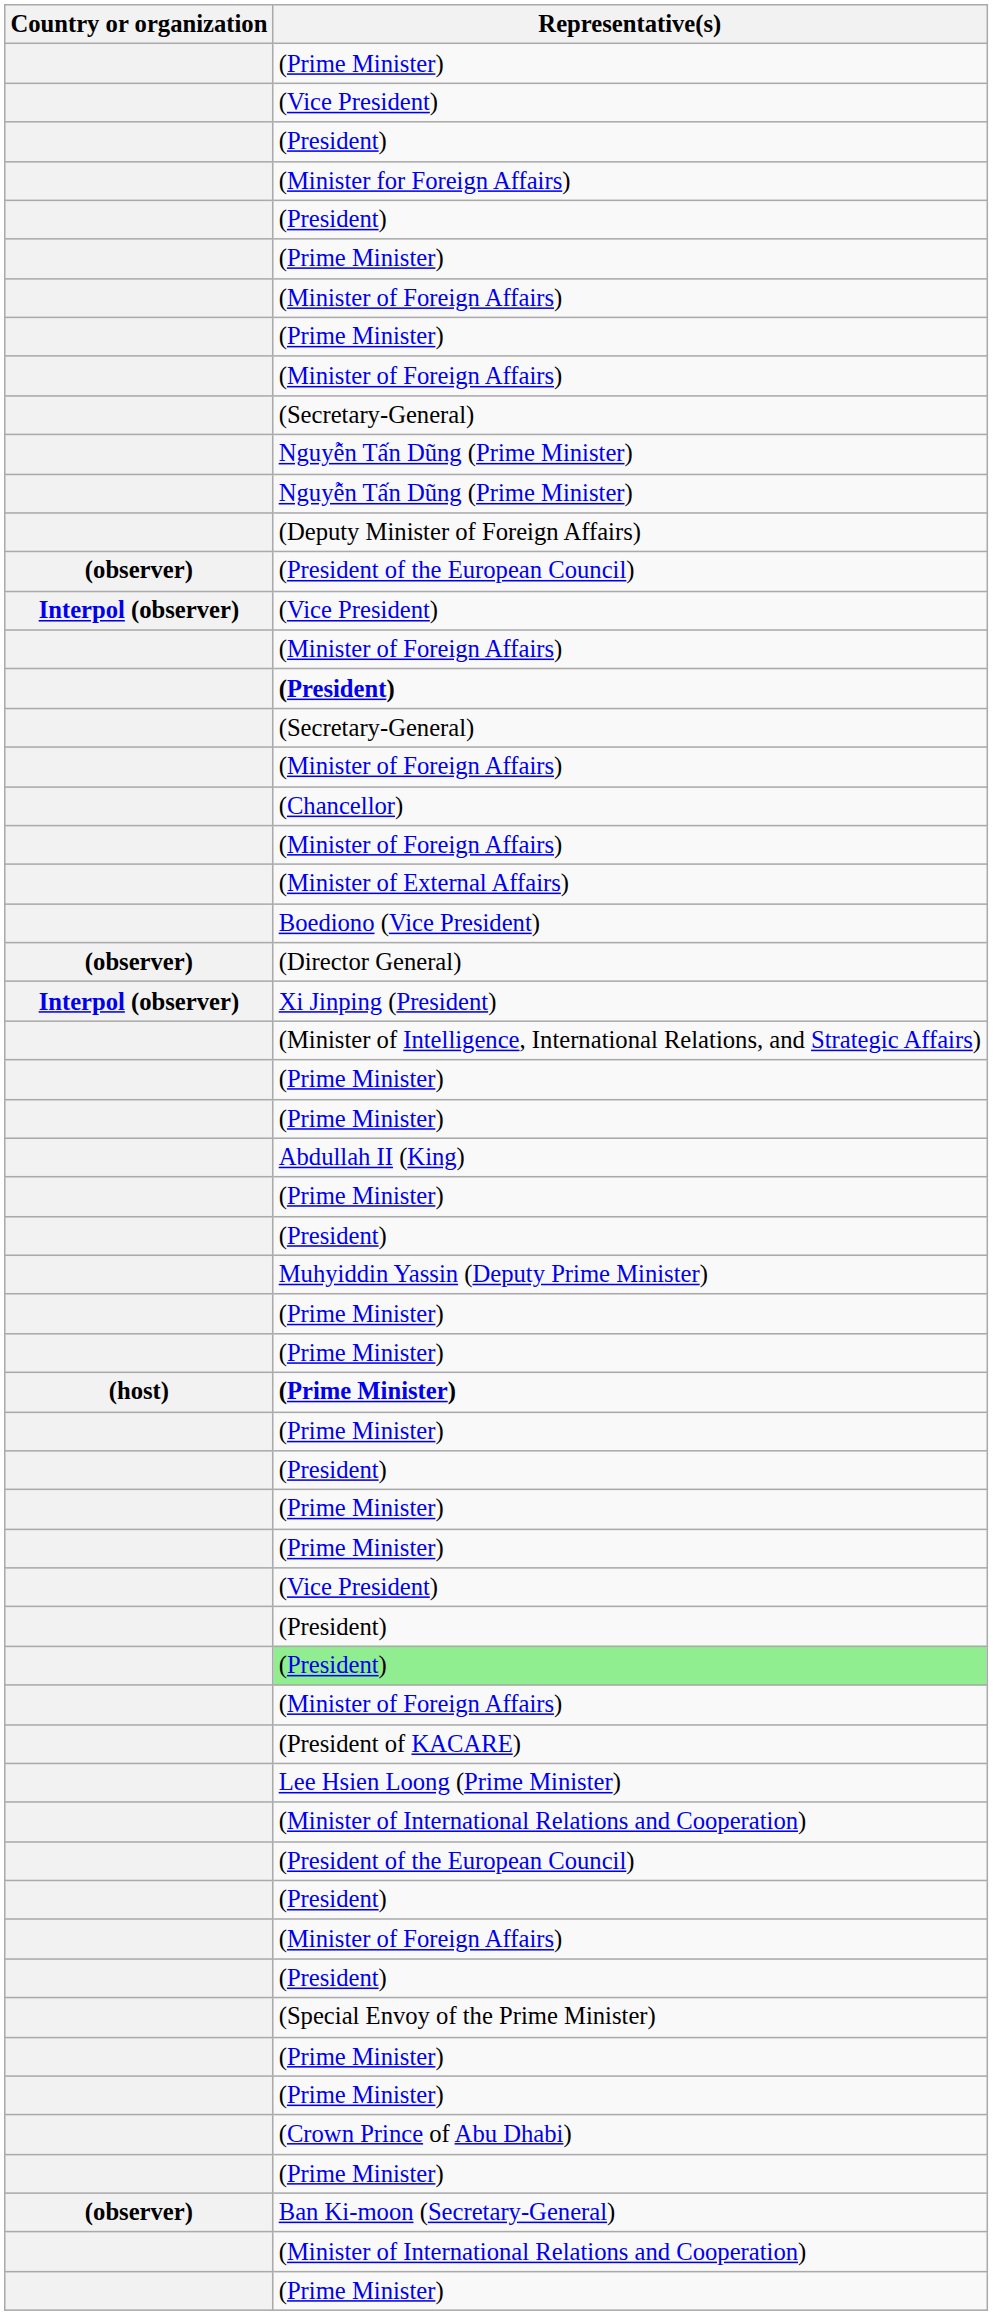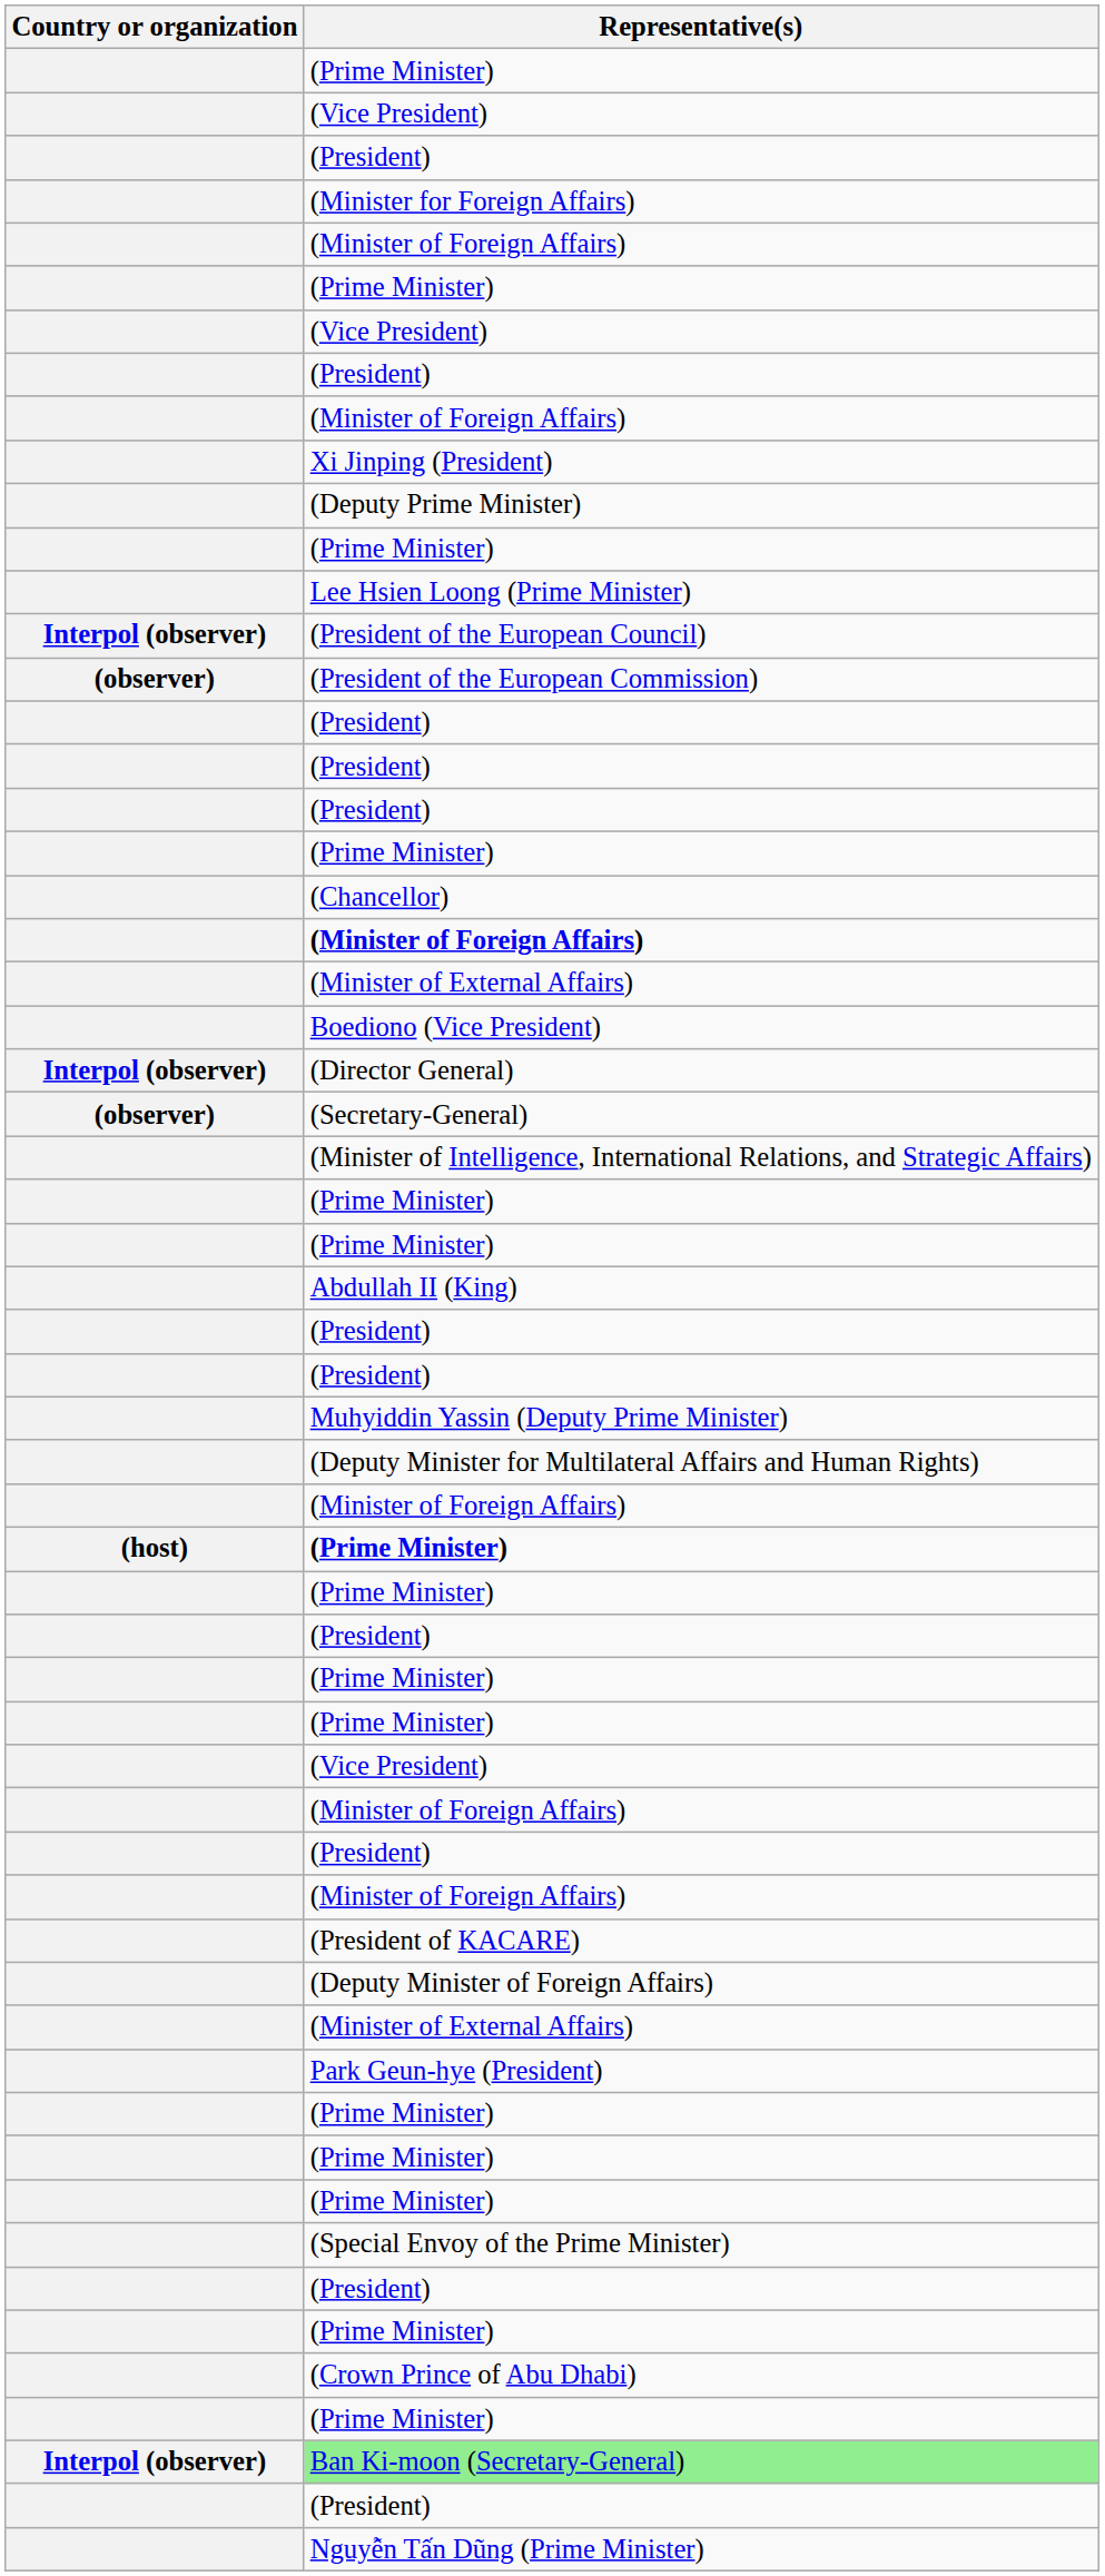 <table class="wikitable sortable plainrowheaders">
 <tr>
 <th scope="col">Country or organization</th>
 <th scope="col">Representative(s)</th>
 </tr>
 <tr>
 <th scope="row"></th>
 <td> (<a href='#'>Prime Minister</a>)</td>
 </tr>
 <tr>
 <th scope="row"></th>
 <td> (<a href='#'>Vice President</a>)</td>
 </tr>
 <tr>
 <th scope="row"></th>
 <td> (<a href='#'>President</a>)</td>
 </tr>
 <tr>
 <th scope="row"></th>
 <td> (<a href='#'>Minister for Foreign Affairs</a>)</td>
 </tr>
 <tr>
 <th scope="row"></th>
+<td> (<a href='#'>Minister of Foreign Affairs</a>)</td>
+</tr>
+<tr>
+<th scope="row"></th>
+<td> (<a href='#'>Prime Minister</a>)</td>
+</tr>
+<tr>
+<th scope="row"></th>
+<td> (<a href='#'>Vice President</a>)</td>
+</tr>
+<tr>
+<th scope="row"></th>
+<td> (<a href='#'>President</a>)</td>
+</tr>
+<tr>
+<th scope="row"></th>
+<td> (<a href='#'>Minister of Foreign Affairs</a>)</td>
+</tr>
+<tr>
+<th scope="row"></th>
+<td><a href='#'>Xi Jinping</a> (<a href='#'>President</a>)</td>
+</tr>
+<tr>
+<th scope="row"></th>
+<td> (Deputy Prime Minister)</td>
+</tr>
+<tr>
+<th scope="row"></th>
+<td> (<a href='#'>Prime Minister</a>)</td>
+</tr>
+<tr>
+<th scope="row"></th>
+<td><a href='#'>Lee Hsien Loong</a> (<a href='#'>Prime Minister</a>)</td>
+</tr>
+<tr>
+<th scope="row"><a href='#'>Interpol</a> (observer)</th>
+<td> (<a href='#'>President of the European Council</a>)</td>
+</tr>
+<tr>
+<th scope="row"> (observer)</th>
+<td> (<a href='#'>President of the European Commission</a>)</td>
+</tr>
+<tr>
+<th scope="row"></th>
+<td> (<a href='#'>President</a>)</td>
+</tr>
+<tr>
+<th scope="row"></th>
+<td> (<a href='#'>President</a>)</td>
+</tr>
+<tr>
+<th scope="row"></th>
 <td> (<a href='#'>President</a>)</td>
 </tr>
 <tr>
 <th scope="row"></th>
 <td> (<a href='#'>Prime Minister</a>)</td>
 </tr>
 <tr>
 <th scope="row"></th>
-<td> (<a href='#'>Minister of Foreign Affairs</a>)</td>
-</tr>
-<tr>
-<th scope="row"></th>
-<td> (<a href='#'>Prime Minister</a>)</td>
-</tr>
-<tr>
-<th scope="row"></th>
-<td> (<a href='#'>Minister of Foreign Affairs</a>)</td>
-</tr>
-<tr>
-<th scope="row"></th>
-<td> (Secretary-General)</td>
-</tr>
-<tr>
-<th scope="row"></th>
-<td><a href='#'>Nguyễn Tấn Dũng</a> (<a href='#'>Prime Minister</a>)</td>
-</tr>
-<tr>
-<th scope="row"></th>
-<td><a href='#'>Nguyễn Tấn Dũng</a> (<a href='#'>Prime Minister</a>)</td>
-</tr>
-<tr>
-<th scope="row"></th>
-<td> (Deputy Minister of Foreign Affairs)</td>
-</tr>
-<tr>
-<th scope="row"> (observer)</th>
-<td> (<a href='#'>President of the European Council</a>)</td>
-</tr>
-<tr>
-<th scope="row"><a href='#'>Interpol</a> (observer)</th>
-<td> (<a href='#'>Vice President</a>)</td>
-</tr>
-<tr>
-<th scope="row"></th>
-<td> (<a href='#'>Minister of Foreign Affairs</a>)</td>
-</tr>
-<tr>
-<th scope="row"></th>
-<td><strong> (<a href='#'>President</a>)</strong></td>
-</tr>
-<tr>
-<th scope="row"></th>
-<td> (Secretary-General)</td>
-</tr>
-<tr>
-<th scope="row"></th>
-<td> (<a href='#'>Minister of Foreign Affairs</a>)</td>
-</tr>
-<tr>
-<th scope="row"></th>
 <td> (<a href='#'>Chancellor</a>)</td>
 </tr>
 <tr>
 <th scope="row"></th>
-<td> (<a href='#'>Minister of Foreign Affairs</a>)</td>
+<td><strong> (<a href='#'>Minister of Foreign Affairs</a>)</strong></td>
 </tr>
 <tr>
 <th scope="row"></th>
 <td> (<a href='#'>Minister of External Affairs</a>)</td>
 </tr>
 <tr>
 <th scope="row"></th>
 <td><a href='#'>Boediono</a> (<a href='#'>Vice President</a>)</td>
 </tr>
 <tr>
-<th scope="row"> (observer)</th>
+<th scope="row"><a href='#'>Interpol</a> (observer)</th>
 <td> (Director General)</td>
 </tr>
 <tr>
-<th scope="row"><a href='#'>Interpol</a> (observer)</th>
-<td><a href='#'>Xi Jinping</a> (<a href='#'>President</a>)</td>
+<th scope="row"> (observer)</th>
+<td> (Secretary-General)</td>
 </tr>
 <tr>
 <th scope="row"></th>
 <td> (Minister of <a href='#'>Intelligence</a>, International Relations, and <a href='#'>Strategic Affairs</a>)</td>
 </tr>
 <tr>
 <th scope="row"></th>
 <td> (<a href='#'>Prime Minister</a>)</td>
 </tr>
 <tr>
 <th scope="row"></th>
 <td> (<a href='#'>Prime Minister</a>)</td>
 </tr>
 <tr>
 <th scope="row"></th>
 <td><a href='#'>Abdullah II</a> (<a href='#'>King</a>)</td>
 </tr>
 <tr>
 <th scope="row"></th>
-<td> (<a href='#'>Prime Minister</a>)</td>
+<td> (<a href='#'>President</a>)</td>
 </tr>
 <tr>
 <th scope="row"></th>
 <td> (<a href='#'>President</a>)</td>
 </tr>
 <tr>
 <th scope="row"></th>
 <td><a href='#'>Muhyiddin Yassin</a> (<a href='#'>Deputy Prime Minister</a>)</td>
 </tr>
 <tr>
 <th scope="row"></th>
-<td> (<a href='#'>Prime Minister</a>)</td>
+<td> (Deputy Minister for Multilateral Affairs and Human Rights)</td>
 </tr>
 <tr>
 <th scope="row"></th>
-<td> (<a href='#'>Prime Minister</a>)</td>
+<td> (<a href='#'>Minister of Foreign Affairs</a>)</td>
 </tr>
 <tr>
 <th scope="row"><strong> (host)</strong></th>
 <td><strong> (<a href='#'>Prime Minister</a>)</strong></td>
 </tr>
 <tr>
 <th scope="row"></th>
 <td> (<a href='#'>Prime Minister</a>)</td>
 </tr>
 <tr>
 <th scope="row"></th>
 <td> (<a href='#'>President</a>)</td>
 </tr>
 <tr>
 <th scope="row"></th>
 <td> (<a href='#'>Prime Minister</a>)</td>
 </tr>
 <tr>
 <th scope="row"></th>
 <td> (<a href='#'>Prime Minister</a>)</td>
 </tr>
 <tr>
 <th scope="row"></th>
 <td> (<a href='#'>Vice President</a>)</td>
 </tr>
 <tr>
 <th scope="row"></th>
-<td> (President)</td>
+<td> (<a href='#'>Minister of Foreign Affairs</a>)</td>
 </tr>
 <tr>
 <th scope="row"></th>
-<td style="background: lightgreen;"> (<a href='#'>President</a>)</td>
+<td> (<a href='#'>President</a>)</td>
 </tr>
 <tr>
 <th scope="row"></th>
 <td> (<a href='#'>Minister of Foreign Affairs</a>)</td>
 </tr>
 <tr>
 <th scope="row"></th>
 <td> (President of <a href='#'>KACARE</a>)</td>
 </tr>
 <tr>
 <th scope="row"></th>
-<td><a href='#'>Lee Hsien Loong</a> (<a href='#'>Prime Minister</a>)</td>
+<td> (Deputy Minister of Foreign Affairs)</td>
 </tr>
 <tr>
 <th scope="row"></th>
-<td> (<a href='#'>Minister of International Relations and Cooperation</a>)</td>
+<td> (<a href='#'>Minister of External Affairs</a>)</td>
 </tr>
 <tr>
 <th scope="row"></th>
-<td> (<a href='#'>President of the European Council</a>)</td>
+<td><a href='#'>Park Geun-hye</a> (<a href='#'>President</a>)</td>
 </tr>
 <tr>
 <th scope="row"></th>
-<td> (<a href='#'>President</a>)</td>
+<td> (<a href='#'>Prime Minister</a>)</td>
 </tr>
 <tr>
 <th scope="row"></th>
-<td> (<a href='#'>Minister of Foreign Affairs</a>)</td>
+<td> (<a href='#'>Prime Minister</a>)</td>
 </tr>
 <tr>
 <th scope="row"></th>
-<td> (<a href='#'>President</a>)</td>
+<td> (<a href='#'>Prime Minister</a>)</td>
 </tr>
 <tr>
 <th scope="row"></th>
 <td> (Special Envoy of the Prime Minister)</td>
 </tr>
 <tr>
 <th scope="row"></th>
-<td> (<a href='#'>Prime Minister</a>)</td>
+<td> (<a href='#'>President</a>)</td>
 </tr>
 <tr>
 <th scope="row"></th>
 <td> (<a href='#'>Prime Minister</a>)</td>
 </tr>
 <tr>
 <th scope="row"></th>
 <td> (<a href='#'>Crown Prince</a> of <a href='#'>Abu Dhabi</a>)</td>
 </tr>
 <tr>
 <th scope="row"></th>
 <td> (<a href='#'>Prime Minister</a>)</td>
 </tr>
 <tr>
-<th scope="row"> (observer)</th>
-<td><a href='#'>Ban Ki-moon</a> (<a href='#'>Secretary-General</a>)</td>
+<th scope="row"><a href='#'>Interpol</a> (observer)</th>
+<td style="background: lightgreen;"><a href='#'>Ban Ki-moon</a> (<a href='#'>Secretary-General</a>)</td>
 </tr>
 <tr>
 <th scope="row"></th>
-<td> (<a href='#'>Minister of International Relations and Cooperation</a>)</td>
+<td> (President)</td>
 </tr>
 <tr>
 <th scope="row"></th>
-<td> (<a href='#'>Prime Minister</a>)</td>
+<td><a href='#'>Nguyễn Tấn Dũng</a> (<a href='#'>Prime Minister</a>)</td>
 </tr>
 </table>
